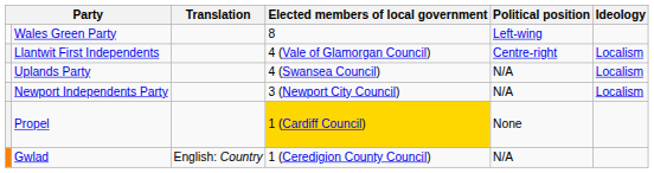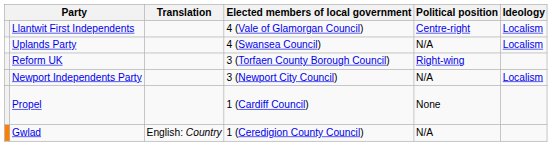 <table class="wikitable sortable">
 <tr>
 <th colspan="2">Party</th>
 <th>Translation</th>
 <th>Elected members of local government</th>
 <th>Political position</th>
 <th>Ideology</th>
-</tr>
-<tr>
-<td style="background-color: "></td>
-<td><a href='#'>Wales Green Party</a></td>
-<td><em></em></td>
-<td>8</td>
-<td><a href='#'>Left-wing</a></td>
-<td><br></td>
 </tr>
 <tr>
 <th style="background-color: "></th>
 <td><a href='#'>Llantwit First Independents</a></td>
 <td><em></em></td>
 <td>4 (<a href='#'>Vale of Glamorgan Council</a>)</td>
 <td><a href='#'>Centre-right</a></td>
 <td><a href='#'>Localism</a></td>
 </tr>
 <tr>
 <td></td>
 <td><a href='#'>Uplands Party</a></td>
 <td><em></em></td>
 <td>4 (<a href='#'>Swansea Council</a>)</td>
 <td>N/A</td>
 <td><a href='#'>Localism</a></td>
 </tr>
 <tr>
 <th style="background-color: "></th>
+<td><a href='#'>Reform UK</a></td>
+<td></td>
+<td>3 (<a href='#'>Torfaen County Borough Council</a>)</td>
+<td><a href='#'>Right-wing</a></td>
+<td><br></td>
+</tr>
+<tr>
+<th style="background-color: "></th>
 <td><a href='#'>Newport Independents Party</a></td>
 <td></td>
 <td>3 (<a href='#'>Newport City Council</a>)</td>
 <td>N/A</td>
 <td><a href='#'>Localism</a></td>
 </tr>
 <tr>
 <th style="background-color: "></th>
 <td><a href='#'>Propel</a></td>
 <td></td>
-<td style="background: gold;">1 (<a href='#'>Cardiff Council</a>)</td>
+<td>1 (<a href='#'>Cardiff Council</a>)</td>
 <td>None</td>
 <td><br><br><br></td>
 </tr>
 <tr>
 <th style="background-color:#FF8000; width: 1px"></th>
 <td><a href='#'>Gwlad</a></td>
 <td>English: <em>Country</em></td>
 <td>1 (<a href='#'>Ceredigion County Council</a>)</td>
 <td>N/A</td>
 <td><br></td>
 </tr>
 </table>
